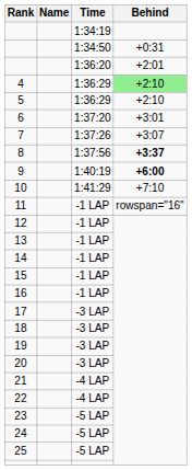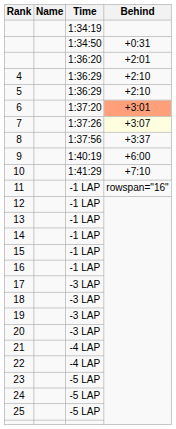 <table class="wikitable" style="text-align:center">
 <tr>
 <th>Rank</th>
 <th>Name</th>
 <th>Time</th>
 <th>Behind</th>
 </tr>
 <tr>
 <td></td>
 <td align="left"></td>
 <td>1:34:19</td>
 <td></td>
 </tr>
 <tr>
 <td></td>
 <td align="left"></td>
 <td>1:34:50</td>
 <td>+0:31</td>
 </tr>
 <tr>
 <td></td>
 <td align="left"></td>
 <td>1:36:20</td>
 <td>+2:01</td>
 </tr>
 <tr>
 <td>4</td>
 <td align="left"></td>
 <td>1:36:29</td>
-<td style="background: lightgreen;">+2:10</td>
+<td>+2:10</td>
 </tr>
 <tr>
 <td>5</td>
 <td align="left"></td>
 <td>1:36:29</td>
 <td>+2:10</td>
 </tr>
 <tr>
 <td>6</td>
 <td align="left"></td>
 <td>1:37:20</td>
-<td>+3:01</td>
+<td style="background: lightsalmon;">+3:01</td>
 </tr>
 <tr>
 <td>7</td>
 <td align="left"></td>
 <td>1:37:26</td>
-<td>+3:07</td>
+<td style="background: lightyellow;">+3:07</td>
 </tr>
 <tr>
 <td>8</td>
 <td align="left"></td>
 <td>1:37:56</td>
-<td><strong>+3:37</strong></td>
+<td>+3:37</td>
 </tr>
 <tr>
 <td>9</td>
 <td align="left"></td>
 <td>1:40:19</td>
-<td><strong>+6:00</strong></td>
+<td>+6:00</td>
 </tr>
 <tr>
 <td>10</td>
 <td align="left"></td>
 <td>1:41:29</td>
 <td>+7:10</td>
 </tr>
 <tr>
 <td>11</td>
 <td align="left"></td>
 <td>-1 LAP</td>
 <td>rowspan="16" </td>
 </tr>
 <tr>
 <td>12</td>
 <td align="left"></td>
 <td>-1 LAP</td>
 </tr>
 <tr>
 <td>13</td>
 <td align="left"></td>
 <td>-1 LAP</td>
 </tr>
 <tr>
 <td>14</td>
 <td align="left"></td>
 <td>-1 LAP</td>
 </tr>
 <tr>
 <td>15</td>
 <td align="left"></td>
 <td>-1 LAP</td>
 </tr>
 <tr>
 <td>16</td>
 <td align="left"></td>
 <td>-1 LAP</td>
 </tr>
 <tr>
 <td>17</td>
 <td align="left"></td>
 <td>-3 LAP</td>
 </tr>
 <tr>
 <td>18</td>
 <td align="left"></td>
 <td>-3 LAP</td>
 </tr>
 <tr>
 <td>19</td>
 <td align="left"></td>
 <td>-3 LAP</td>
 </tr>
 <tr>
 <td>20</td>
 <td align="left"></td>
 <td>-3 LAP</td>
 </tr>
 <tr>
 <td>21</td>
 <td align="left"></td>
 <td>-4 LAP</td>
 </tr>
 <tr>
 <td>22</td>
 <td align="left"></td>
 <td>-4 LAP</td>
 </tr>
 <tr>
 <td>23</td>
 <td align="left"></td>
 <td>-5 LAP</td>
 </tr>
 <tr>
 <td>24</td>
 <td align="left"></td>
 <td>-5 LAP</td>
 </tr>
 <tr>
 <td>25</td>
 <td align="left"></td>
 <td>-5 LAP</td>
 </tr>
 <tr>
 <td></td>
 <td align="left"></td>
 <td></td>
 </tr>
 </table>
